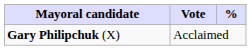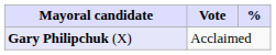 <table class="wikitable">
 <tr>
 <th style="background:#ddf; width:200px;">Mayoral candidate</th>
 <th style="background:#ddf; width:50px;">Vote</th>
 <th style="background:#ddf; width:30px;">%</th>
 </tr>
 <tr>
-<td><strong>Gary Philipchuk</strong> (X)</td>
+<td style="background: lavender;"><strong>Gary Philipchuk</strong> (X)</td>
 <td colspan="2">Acclaimed</td>
 </tr>
 </table>
